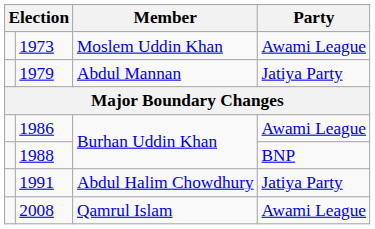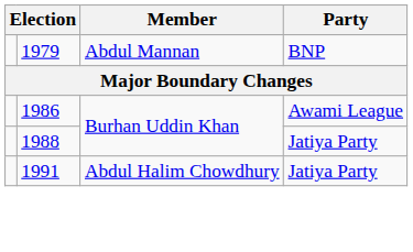 <table class="wikitable">
 <tr>
 <th colspan="2">Election</th>
 <th>Member</th>
 <th>Party</th>
 </tr>
 <tr>
 <td style="background-color:"></td>
-<td><a href='#'>1973</a></td>
-<td><a href='#'>Moslem Uddin Khan</a></td>
-<td><a href='#'>Awami League</a></td>
-</tr>
-<tr>
-<td style="background-color:"></td>
 <td><a href='#'>1979</a></td>
 <td><a href='#'>Abdul Mannan</a></td>
-<td><a href='#'>Jatiya Party</a></td>
+<td><a href='#'>BNP</a></td>
 </tr>
 <tr>
 <th colspan="4">Major Boundary Changes</th>
 </tr>
 <tr>
 <td style="background-color:"></td>
 <td><a href='#'>1986</a></td>
 <td rowspan="2"><a href='#'>Burhan Uddin Khan</a></td>
 <td><a href='#'>Awami League</a></td>
 </tr>
 <tr>
 <td style="background-color:"></td>
 <td><a href='#'>1988</a></td>
-<td><a href='#'>BNP</a></td>
+<td><a href='#'>Jatiya Party</a></td>
 </tr>
 <tr>
 <td style="background-color:"></td>
 <td><a href='#'>1991</a></td>
 <td><a href='#'>Abdul Halim Chowdhury</a></td>
 <td><a href='#'>Jatiya Party</a></td>
 </tr>
-<tr>
-<td style="background-color:"></td>
-<td><a href='#'>2008</a></td>
-<td><a href='#'>Qamrul Islam</a></td>
-<td><a href='#'>Awami League</a></td>
-</tr>
 </table>
